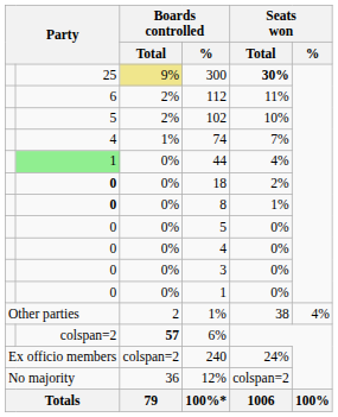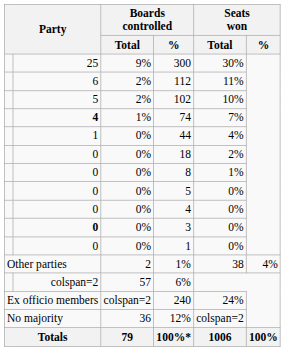 <table class=wikitable style="text-align:right;">
 <tr>
 <th colspan=2 rowspan=2>Party</th>
 <th colspan=2>Boards<br>controlled</th>
 <th colspan=2>Seats<br>won</th>
 </tr>
 <tr>
 <th>Total</th>
 <th>%</th>
 <th>Total</th>
 <th>%</th>
 </tr>
 <tr>
 <td></td>
 <td>25</td>
-<td style="background: khaki;">9%</td>
+<td>9%</td>
 <td>300</td>
-<td><strong>30%</strong></td>
+<td>30%</td>
 </tr>
 <tr>
 <td></td>
 <td>6</td>
 <td>2%</td>
 <td>112</td>
 <td>11%</td>
 </tr>
 <tr>
 <td></td>
 <td>5</td>
 <td>2%</td>
 <td>102</td>
 <td>10%</td>
 </tr>
 <tr>
 <td></td>
-<td>4</td>
+<td><strong>4</strong></td>
 <td>1%</td>
 <td>74</td>
 <td>7%</td>
 </tr>
 <tr>
 <td></td>
-<td style="background: lightgreen;">1</td>
+<td>1</td>
 <td>0%</td>
 <td>44</td>
 <td>4%</td>
 </tr>
 <tr>
 <td></td>
-<td><strong>0</strong></td>
+<td>0</td>
 <td>0%</td>
 <td>18</td>
 <td>2%</td>
 </tr>
 <tr>
 <td></td>
-<td><strong>0</strong></td>
+<td>0</td>
 <td>0%</td>
 <td>8</td>
 <td>1%</td>
 </tr>
 <tr>
 <td></td>
 <td>0</td>
 <td>0%</td>
 <td>5</td>
 <td>0%</td>
 </tr>
 <tr>
 <td></td>
 <td>0</td>
 <td>0%</td>
 <td>4</td>
 <td>0%</td>
 </tr>
 <tr>
 <td></td>
-<td>0</td>
+<td><strong>0</strong></td>
 <td>0%</td>
 <td>3</td>
 <td>0%</td>
 </tr>
 <tr>
 <td></td>
 <td>0</td>
 <td>0%</td>
 <td>1</td>
 <td>0%</td>
 </tr>
 <tr>
 <td colspan=2 align=left>Other parties</td>
 <td>2</td>
 <td>1%</td>
 <td>38</td>
 <td>4%</td>
 </tr>
 <tr>
 <td></td>
 <td>colspan=2 </td>
-<td><strong>57</strong></td>
+<td>57</td>
 <td>6%</td>
 </tr>
 <tr>
 <td colspan=2 align=left>Ex officio members</td>
 <td>colspan=2 </td>
 <td>240</td>
 <td>24%</td>
 </tr>
 <tr>
 <td colspan=2 align=left>No majority</td>
 <td>36</td>
 <td>12%</td>
 <td>colspan=2 </td>
 </tr>
 <tr>
 <th colspan=2>Totals</th>
 <th>79</th>
 <th>100%*</th>
 <th>1006</th>
 <th>100%</th>
 </tr>
 </table>
